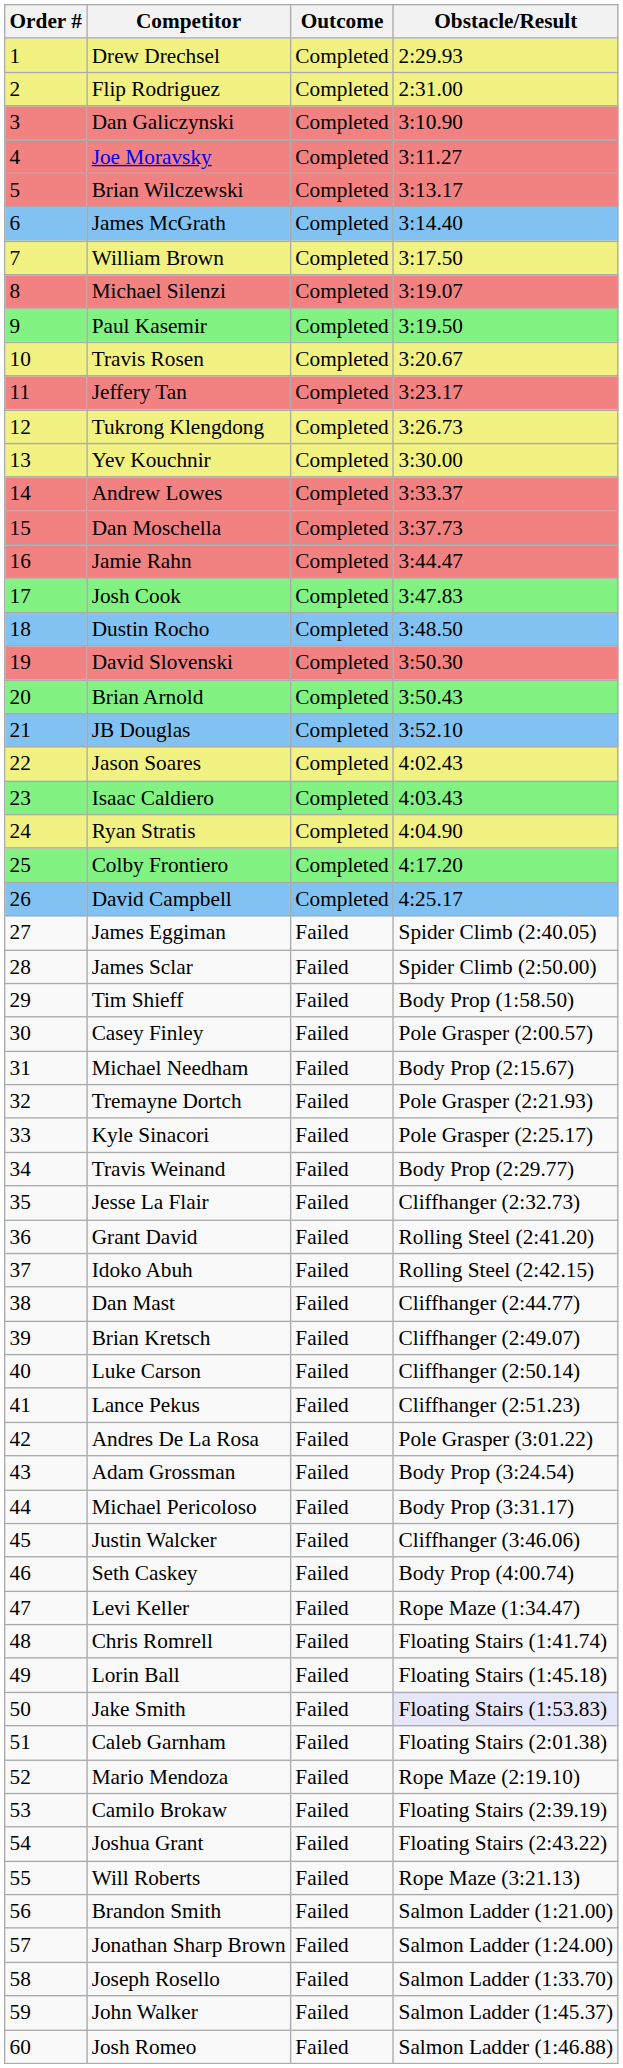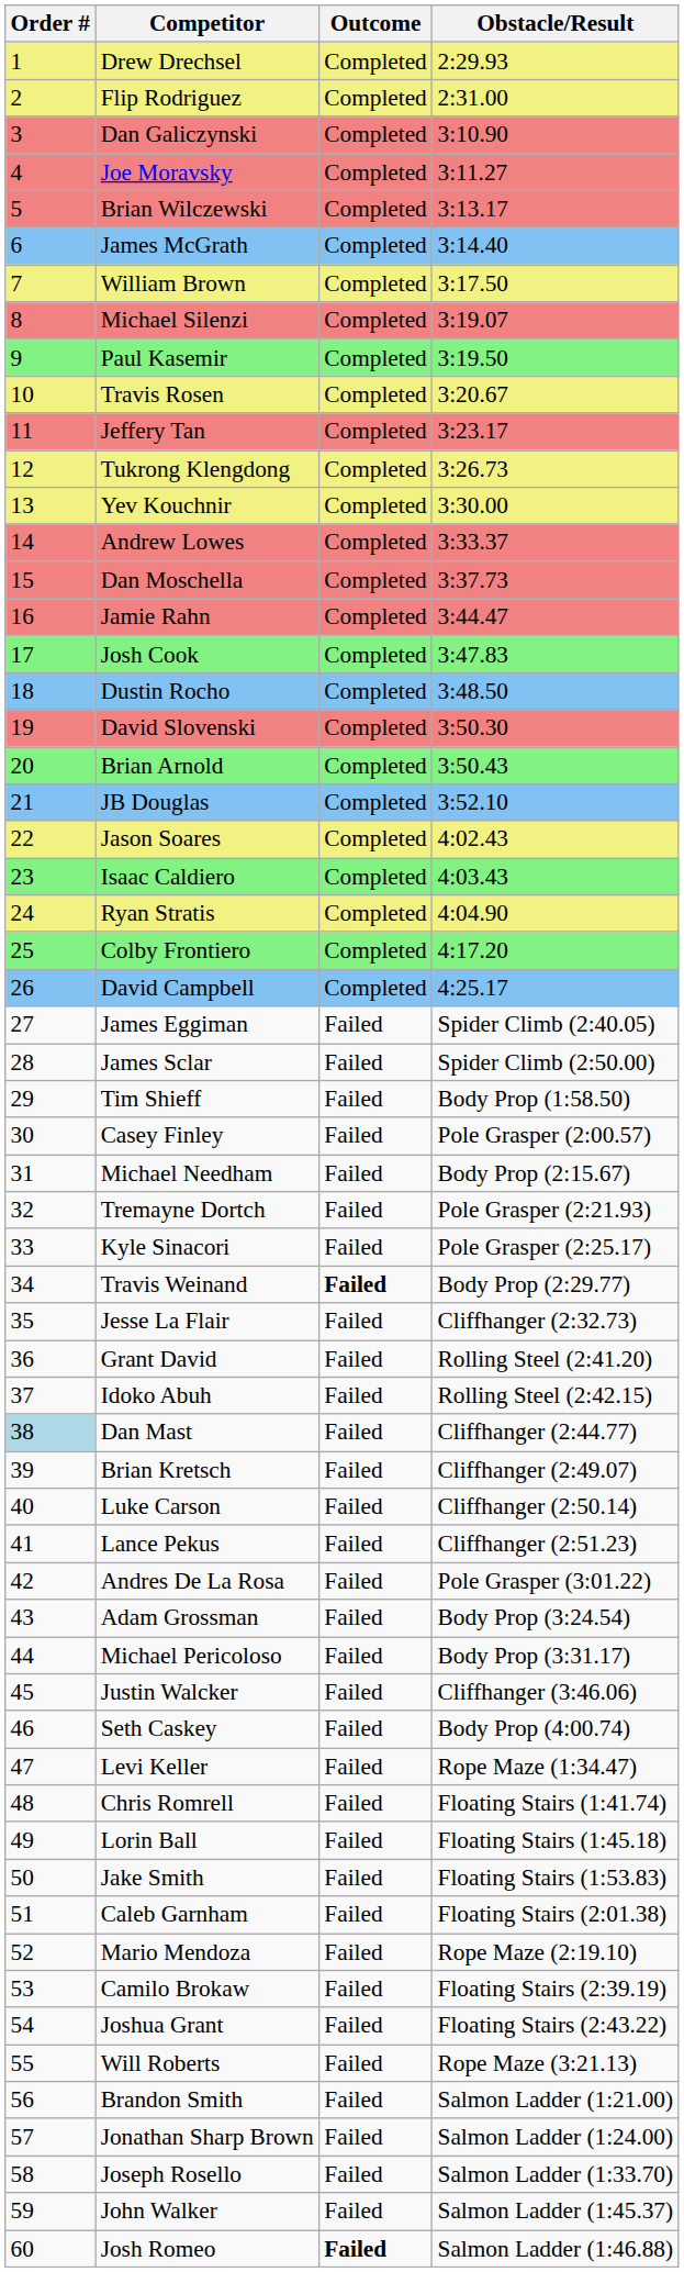 <table class="wikitable sortable">
 <tr>
 <th>Order #</th>
 <th>Competitor</th>
 <th>Outcome</th>
 <th>Obstacle/Result</th>
 </tr>
 <tr style="background-color:#f2f282">
 <td>1</td>
 <td>Drew Drechsel</td>
 <td>Completed</td>
 <td>2:29.93</td>
 </tr>
 <tr style="background-color:#f2f282">
 <td>2</td>
 <td>Flip Rodriguez</td>
 <td>Completed</td>
 <td>2:31.00</td>
 </tr>
 <tr style="background-color:#f28282">
 <td>3</td>
 <td>Dan Galiczynski</td>
 <td>Completed</td>
 <td>3:10.90</td>
 </tr>
 <tr style="background-color:#f28282">
 <td>4</td>
 <td><a href='#'>Joe Moravsky</a></td>
 <td>Completed</td>
 <td>3:11.27</td>
 </tr>
 <tr style="background-color:#f28282">
 <td>5</td>
 <td>Brian Wilczewski</td>
 <td>Completed</td>
 <td>3:13.17</td>
 </tr>
 <tr style="background-color:#82c2f2">
 <td>6</td>
 <td>James McGrath</td>
 <td>Completed</td>
 <td>3:14.40</td>
 </tr>
 <tr style="background-color:#f2f282">
 <td>7</td>
 <td>William Brown</td>
 <td>Completed</td>
 <td>3:17.50</td>
 </tr>
 <tr style="background-color:#f28282">
 <td>8</td>
 <td>Michael Silenzi</td>
 <td>Completed</td>
 <td>3:19.07</td>
 </tr>
 <tr style="background-color:#82f282">
 <td>9</td>
 <td>Paul Kasemir</td>
 <td>Completed</td>
 <td>3:19.50</td>
 </tr>
 <tr style="background-color:#f2f282">
 <td>10</td>
 <td>Travis Rosen</td>
 <td>Completed</td>
 <td>3:20.67</td>
 </tr>
 <tr style="background-color:#f28282">
 <td>11</td>
 <td>Jeffery Tan</td>
 <td>Completed</td>
 <td>3:23.17</td>
 </tr>
 <tr style="background-color:#f2f282">
 <td>12</td>
 <td>Tukrong Klengdong</td>
 <td>Completed</td>
 <td>3:26.73</td>
 </tr>
 <tr style="background-color:#f2f282">
 <td>13</td>
 <td>Yev Kouchnir</td>
 <td>Completed</td>
 <td>3:30.00</td>
 </tr>
 <tr style="background-color:#f28282">
 <td>14</td>
 <td>Andrew Lowes</td>
 <td>Completed</td>
 <td>3:33.37</td>
 </tr>
 <tr style="background-color:#f28282">
 <td>15</td>
 <td>Dan Moschella</td>
 <td>Completed</td>
 <td>3:37.73</td>
 </tr>
 <tr style="background-color:#f28282">
 <td>16</td>
 <td>Jamie Rahn</td>
 <td>Completed</td>
 <td>3:44.47</td>
 </tr>
 <tr style="background-color:#82f282">
 <td>17</td>
 <td>Josh Cook</td>
 <td>Completed</td>
 <td>3:47.83</td>
 </tr>
 <tr style="background-color:#82c2f2">
 <td>18</td>
 <td>Dustin Rocho</td>
 <td>Completed</td>
 <td>3:48.50</td>
 </tr>
 <tr style="background-color:#f28282">
 <td>19</td>
 <td>David Slovenski</td>
 <td>Completed</td>
 <td>3:50.30</td>
 </tr>
 <tr style="background-color:#82f282">
 <td>20</td>
 <td>Brian Arnold</td>
 <td>Completed</td>
 <td>3:50.43</td>
 </tr>
 <tr style="background-color:#82c2f2">
 <td>21</td>
 <td>JB Douglas</td>
 <td>Completed</td>
 <td>3:52.10</td>
 </tr>
 <tr style="background-color:#f2f282">
 <td>22</td>
 <td>Jason Soares</td>
 <td>Completed</td>
 <td>4:02.43</td>
 </tr>
 <tr style="background-color:#82f282">
 <td>23</td>
 <td>Isaac Caldiero</td>
 <td>Completed</td>
 <td>4:03.43</td>
 </tr>
 <tr style="background-color:#f2f282">
 <td>24</td>
 <td>Ryan Stratis</td>
 <td>Completed</td>
 <td>4:04.90</td>
 </tr>
 <tr style="background-color:#82f282">
 <td>25</td>
 <td>Colby Frontiero</td>
 <td>Completed</td>
 <td>4:17.20</td>
 </tr>
 <tr style="background-color:#82c2f2">
 <td>26</td>
 <td>David Campbell</td>
 <td>Completed</td>
 <td>4:25.17</td>
 </tr>
 <tr>
 <td>27</td>
 <td>James Eggiman</td>
 <td>Failed</td>
 <td>Spider Climb (2:40.05)</td>
 </tr>
 <tr>
 <td>28</td>
 <td>James Sclar</td>
 <td>Failed</td>
 <td>Spider Climb (2:50.00)</td>
 </tr>
 <tr>
 <td>29</td>
 <td>Tim Shieff</td>
 <td>Failed</td>
 <td>Body Prop (1:58.50)</td>
 </tr>
 <tr>
 <td>30</td>
 <td>Casey Finley</td>
 <td>Failed</td>
 <td>Pole Grasper (2:00.57)</td>
 </tr>
 <tr>
 <td>31</td>
 <td>Michael Needham</td>
 <td>Failed</td>
 <td>Body Prop (2:15.67)</td>
 </tr>
 <tr>
 <td>32</td>
 <td>Tremayne Dortch</td>
 <td>Failed</td>
 <td>Pole Grasper (2:21.93)</td>
 </tr>
 <tr>
 <td>33</td>
 <td>Kyle Sinacori</td>
 <td>Failed</td>
 <td>Pole Grasper (2:25.17)</td>
 </tr>
 <tr>
 <td>34</td>
 <td>Travis Weinand</td>
-<td>Failed</td>
+<td><strong>Failed</strong></td>
 <td>Body Prop (2:29.77)</td>
 </tr>
 <tr>
 <td>35</td>
 <td>Jesse La Flair</td>
 <td>Failed</td>
 <td>Cliffhanger (2:32.73)</td>
 </tr>
 <tr>
 <td>36</td>
 <td>Grant David</td>
 <td>Failed</td>
 <td>Rolling Steel (2:41.20)</td>
 </tr>
 <tr>
 <td>37</td>
 <td>Idoko Abuh</td>
 <td>Failed</td>
 <td>Rolling Steel (2:42.15)</td>
 </tr>
 <tr>
-<td>38</td>
+<td style="background: lightblue;">38</td>
 <td>Dan Mast</td>
 <td>Failed</td>
 <td>Cliffhanger (2:44.77)</td>
 </tr>
 <tr>
 <td>39</td>
 <td>Brian Kretsch</td>
 <td>Failed</td>
 <td>Cliffhanger (2:49.07)</td>
 </tr>
 <tr>
 <td>40</td>
 <td>Luke Carson</td>
 <td>Failed</td>
 <td>Cliffhanger (2:50.14)</td>
 </tr>
 <tr>
 <td>41</td>
 <td>Lance Pekus</td>
 <td>Failed</td>
 <td>Cliffhanger (2:51.23)</td>
 </tr>
 <tr>
 <td>42</td>
 <td>Andres De La Rosa</td>
 <td>Failed</td>
 <td>Pole Grasper (3:01.22)</td>
 </tr>
 <tr>
 <td>43</td>
 <td>Adam Grossman</td>
 <td>Failed</td>
 <td>Body Prop (3:24.54)</td>
 </tr>
 <tr>
 <td>44</td>
 <td>Michael Pericoloso</td>
 <td>Failed</td>
 <td>Body Prop (3:31.17)</td>
 </tr>
 <tr>
 <td>45</td>
 <td>Justin Walcker</td>
 <td>Failed</td>
 <td>Cliffhanger (3:46.06)</td>
 </tr>
 <tr>
 <td>46</td>
 <td>Seth Caskey</td>
 <td>Failed</td>
 <td>Body Prop (4:00.74)</td>
 </tr>
 <tr>
 <td>47</td>
 <td>Levi Keller</td>
 <td>Failed</td>
 <td>Rope Maze (1:34.47)</td>
 </tr>
 <tr>
 <td>48</td>
 <td>Chris Romrell</td>
 <td>Failed</td>
 <td>Floating Stairs (1:41.74)</td>
 </tr>
 <tr>
 <td>49</td>
 <td>Lorin Ball</td>
 <td>Failed</td>
 <td>Floating Stairs (1:45.18)</td>
 </tr>
 <tr>
 <td>50</td>
 <td>Jake Smith</td>
 <td>Failed</td>
-<td style="background: lavender;">Floating Stairs (1:53.83)</td>
+<td>Floating Stairs (1:53.83)</td>
 </tr>
 <tr>
 <td>51</td>
 <td>Caleb Garnham</td>
 <td>Failed</td>
 <td>Floating Stairs (2:01.38)</td>
 </tr>
 <tr>
 <td>52</td>
 <td>Mario Mendoza</td>
 <td>Failed</td>
 <td>Rope Maze (2:19.10)</td>
 </tr>
 <tr>
 <td>53</td>
 <td>Camilo Brokaw</td>
 <td>Failed</td>
 <td>Floating Stairs (2:39.19)</td>
 </tr>
 <tr>
 <td>54</td>
 <td>Joshua Grant</td>
 <td>Failed</td>
 <td>Floating Stairs (2:43.22)</td>
 </tr>
 <tr>
 <td>55</td>
 <td>Will Roberts</td>
 <td>Failed</td>
 <td>Rope Maze (3:21.13)</td>
 </tr>
 <tr>
 <td>56</td>
 <td>Brandon Smith</td>
 <td>Failed</td>
 <td>Salmon Ladder (1:21.00)</td>
 </tr>
 <tr>
 <td>57</td>
 <td>Jonathan Sharp Brown</td>
 <td>Failed</td>
 <td>Salmon Ladder (1:24.00)</td>
 </tr>
 <tr>
 <td>58</td>
 <td>Joseph Rosello</td>
 <td>Failed</td>
 <td>Salmon Ladder (1:33.70)</td>
 </tr>
 <tr>
 <td>59</td>
 <td>John Walker</td>
 <td>Failed</td>
 <td>Salmon Ladder (1:45.37)</td>
 </tr>
 <tr>
 <td>60</td>
 <td>Josh Romeo</td>
-<td>Failed</td>
+<td><strong>Failed</strong></td>
 <td>Salmon Ladder (1:46.88)</td>
 </tr>
 </table>
